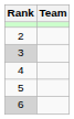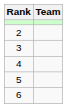 <table class="wikitable">
 <tr>
 <th>Rank</th>
 <th>Team</th>
 </tr>
 <tr bgcolor=#ccffcc>
 <td align=center></td>
 <td></td>
 </tr>
 <tr>
 <td align=center>2</td>
 <td></td>
 </tr>
 <tr>
-<td align=center style="background: lightgrey;">3</td>
+<td align=center>3</td>
 <td></td>
 </tr>
 <tr>
 <td align=center>4</td>
 <td></td>
 </tr>
 <tr>
 <td align=center>5</td>
 <td></td>
 </tr>
 <tr>
-<td align=center style="background: lightgrey;">6</td>
+<td align=center>6</td>
 <td></td>
 </tr>
 </table>
